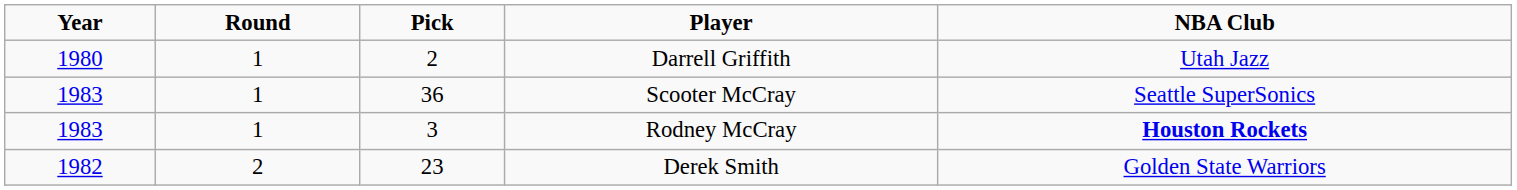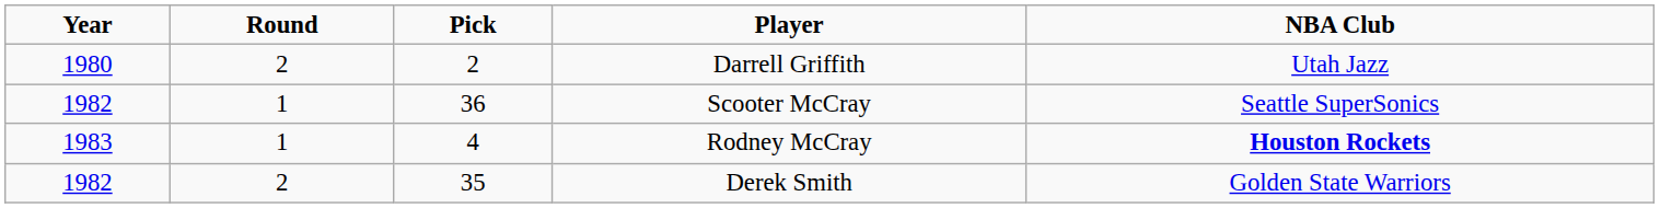 <table class="wikitable" width="84%">
 <tr align="center">
 <td><strong>Year</strong></td>
 <td><strong>Round</strong></td>
 <td><strong>Pick</strong></td>
 <td><strong>Player</strong></td>
 <td><strong>NBA Club</strong></td>
 </tr>
 <tr align="center" bgcolor="">
 <td><a href='#'>1980</a></td>
-<td>1</td>
+<td>2</td>
 <td>2</td>
 <td>Darrell Griffith</td>
 <td><a href='#'>Utah Jazz</a></td>
 </tr>
 <tr align="center" bgcolor="">
-<td><a href='#'>1983</a></td>
+<td><a href='#'>1982</a></td>
 <td>1</td>
 <td>36</td>
 <td>Scooter McCray</td>
 <td><a href='#'>Seattle SuperSonics</a></td>
 </tr>
 <tr align="center" bgcolor="">
 <td><a href='#'>1983</a></td>
 <td>1</td>
-<td>3</td>
+<td>4</td>
 <td>Rodney McCray</td>
 <td><strong><a href='#'>Houston Rockets</a></strong></td>
 </tr>
 <tr align="center" bgcolor="">
 <td><a href='#'>1982</a></td>
 <td>2</td>
-<td>23</td>
+<td>35</td>
 <td>Derek Smith</td>
 <td><a href='#'>Golden State Warriors</a></td>
 </tr>
 </table>
